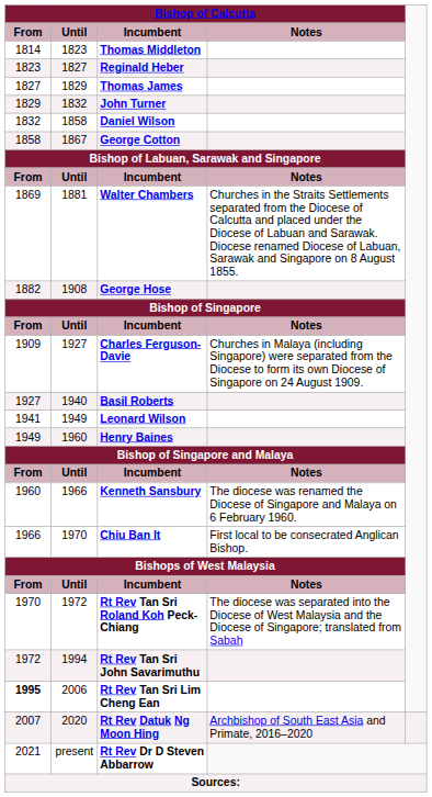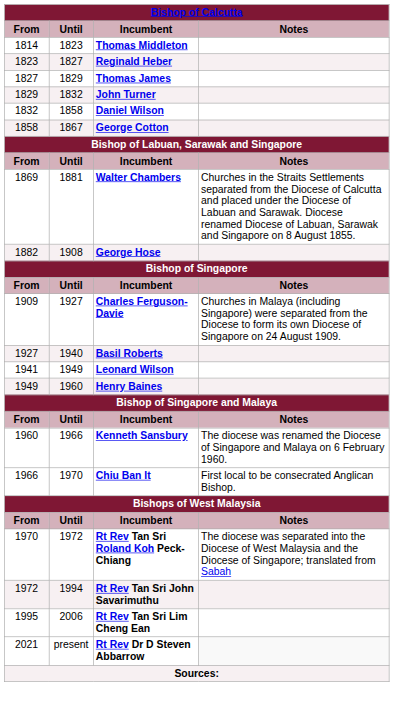 <table class="wikitable" style="width: 95%;">
 <tr>
 <th colspan="4" style="background-color: #7F1734; color: white;"><a href='#'>Bishop of Calcutta</a></th>
 </tr>
 <tr>
 <th style="background-color: #D4B1BB; width: 11%;">From</th>
 <th style="background-color: #D4B1BB; width: 11%;">Until</th>
 <th style="background-color: #D4B1BB; width: 26%;">Incumbent</th>
 <th style="background-color: #D4B1BB; width: 47%;">Notes</th>
 </tr>
 <tr valign="top" style="background-color: white;">
 <td style="text-align: center;">1814</td>
 <td style="text-align: center;">1823</td>
 <td><strong><a href='#'>Thomas Middleton</a></strong></td>
 <td></td>
 </tr>
 <tr valign="top" style="background-color: #F7F0F2;">
 <td style="text-align: center;">1823</td>
 <td style="text-align: center;">1827</td>
 <td><strong><a href='#'>Reginald Heber</a></strong></td>
 <td></td>
 </tr>
 <tr valign="top" style="background-color: white;">
 <td style="text-align: center;">1827</td>
 <td style="text-align: center;">1829</td>
 <td><strong><a href='#'>Thomas James</a></strong></td>
 <td></td>
 </tr>
 <tr valign="top" style="background-color: #F7F0F2;">
 <td style="text-align: center;">1829</td>
 <td style="text-align: center;">1832</td>
 <td><strong><a href='#'>John Turner</a></strong></td>
 <td></td>
 </tr>
 <tr valign="top" style="background-color: white;">
 <td style="text-align: center;">1832</td>
 <td style="text-align: center;">1858</td>
 <td><strong><a href='#'>Daniel Wilson</a></strong></td>
 <td></td>
 </tr>
 <tr valign="top" style="background-color: #F7F0F2;">
 <td style="text-align: center;">1858</td>
 <td style="text-align: center;">1867</td>
 <td><strong><a href='#'>George Cotton</a></strong></td>
 <td></td>
 </tr>
 <tr>
 <th colspan="4" style="background-color: #7F1734; color: white;">Bishop of Labuan, Sarawak and Singapore</th>
 </tr>
 <tr>
 <th style="background-color: #D4B1BB;">From</th>
 <th style="background-color: #D4B1BB;">Until</th>
 <th style="background-color: #D4B1BB;">Incumbent</th>
 <th style="background-color: #D4B1BB;">Notes</th>
 </tr>
 <tr valign="top" style="background-color: white;">
 <td style="text-align: center;">1869</td>
 <td style="text-align: center;">1881</td>
 <td><strong><a href='#'>Walter Chambers</a></strong></td>
 <td>Churches in the Straits Settlements separated from the Diocese of Calcutta and placed under the Diocese of Labuan and Sarawak. Diocese renamed Diocese of Labuan, Sarawak and Singapore on 8 August 1855.</td>
 </tr>
 <tr valign="top" style="background-color: #F7F0F2;">
 <td style="text-align: center;">1882</td>
 <td style="text-align: center;">1908</td>
 <td><strong><a href='#'>George Hose</a></strong></td>
 <td></td>
 </tr>
 <tr>
 <th colspan="4" style="background-color: #7F1734; color: white;">Bishop of Singapore</th>
 </tr>
 <tr>
 <th style="background-color: #D4B1BB;">From</th>
 <th style="background-color: #D4B1BB;">Until</th>
 <th style="background-color: #D4B1BB;">Incumbent</th>
 <th style="background-color: #D4B1BB;">Notes</th>
 </tr>
 <tr valign="top" style="background-color: white;">
 <td style="text-align: center;">1909</td>
 <td style="text-align: center;">1927</td>
 <td><strong><a href='#'>Charles Ferguson-Davie</a></strong></td>
 <td>Churches in Malaya (including Singapore) were separated from the Diocese to form its own Diocese of Singapore on 24 August 1909.</td>
 </tr>
 <tr valign="top" style="background-color: #F7F0F2;">
 <td style="text-align: center;">1927</td>
 <td style="text-align: center;">1940</td>
 <td><strong><a href='#'>Basil Roberts</a></strong></td>
 <td></td>
 </tr>
 <tr valign="top" style="background-color: white;">
 <td style="text-align: center;">1941</td>
 <td style="text-align: center;">1949</td>
 <td><strong><a href='#'>Leonard Wilson</a></strong></td>
 <td></td>
 </tr>
 <tr valign="top" style="background-color: #F7F0F2;">
 <td style="text-align: center;">1949</td>
 <td style="text-align: center;">1960</td>
 <td><strong><a href='#'>Henry Baines</a></strong></td>
 <td></td>
 </tr>
 <tr>
 <th colspan="4" style="background-color: #7F1734; color: white;">Bishop of Singapore and Malaya</th>
 </tr>
 <tr>
 <th style="background-color: #D4B1BB;">From</th>
 <th style="background-color: #D4B1BB;">Until</th>
 <th style="background-color: #D4B1BB;">Incumbent</th>
 <th style="background-color: #D4B1BB;">Notes</th>
 </tr>
 <tr valign="top" style="background-color: white;">
 <td style="text-align: center;">1960</td>
 <td style="text-align: center;">1966</td>
 <td><strong><a href='#'>Kenneth Sansbury</a></strong></td>
 <td>The diocese was renamed the Diocese of Singapore and Malaya on 6 February 1960.</td>
 </tr>
 <tr valign="top" style="background-color: white;">
 <td style="text-align: center;">1966</td>
 <td style="text-align: center;">1970</td>
 <td><strong><a href='#'>Chiu Ban It</a></strong></td>
 <td>First local to be consecrated Anglican Bishop.</td>
 </tr>
 <tr>
 <th colspan="4" style="background-color: #7F1734; color: white;">Bishops of West Malaysia</th>
 </tr>
 <tr>
 <th style="background-color: #D4B1BB;">From</th>
 <th style="background-color: #D4B1BB;">Until</th>
 <th style="background-color: #D4B1BB;">Incumbent</th>
 <th style="background-color: #D4B1BB;">Notes</th>
 </tr>
 <tr valign="top" style="background-color: white;">
 <td style="text-align: center;">1970</td>
 <td style="text-align: center;">1972</td>
 <td><strong><a href='#'>Rt Rev</a> Tan Sri <a href='#'>Roland Koh</a> Peck-Chiang</strong></td>
 <td>The diocese was separated into the Diocese of West Malaysia and the Diocese of Singapore; translated from <a href='#'>Sabah</a></td>
 </tr>
 <tr valign="top" style="background-color: #F7F0F2;">
 <td style="text-align: center;">1972</td>
 <td style="text-align: center;">1994</td>
 <td><strong><a href='#'>Rt Rev</a> Tan Sri John Savarimuthu</strong></td>
 <td></td>
 </tr>
 <tr valign="top" style="background-color: white;">
-<td style="text-align: center;"><strong>1995</strong></td>
+<td style="text-align: center;">1995</td>
 <td style="text-align: center;">2006</td>
 <td><strong><a href='#'>Rt Rev</a> Tan Sri Lim Cheng Ean</strong></td>
-<td></td>
-</tr>
-<tr valign="top" style="background-color: #F7F0F2;">
-<td style="text-align: center;">2007</td>
-<td style="text-align: center;">2020</td>
-<td><strong><a href='#'>Rt Rev</a> <a href='#'>Datuk</a> <a href='#'>Ng Moon Hing</a></strong></td>
-<td><a href='#'>Archbishop of South East Asia</a> and Primate, 2016–2020</td>
 <td></td>
 </tr>
 <tr valign="top" style="background-color: white;">
 <td style="text-align: center;">2021</td>
 <td style="text-align: center;">present</td>
 <td><strong><a href='#'>Rt Rev</a> Dr D Steven Abbarrow</strong></td>
 </tr>
 <tr valign="top" style="background-color: #F7F0F2;">
 <td colspan="5" style="text-align: center;"><strong>Sources:</strong><br> </td>
 </tr>
 </table>
